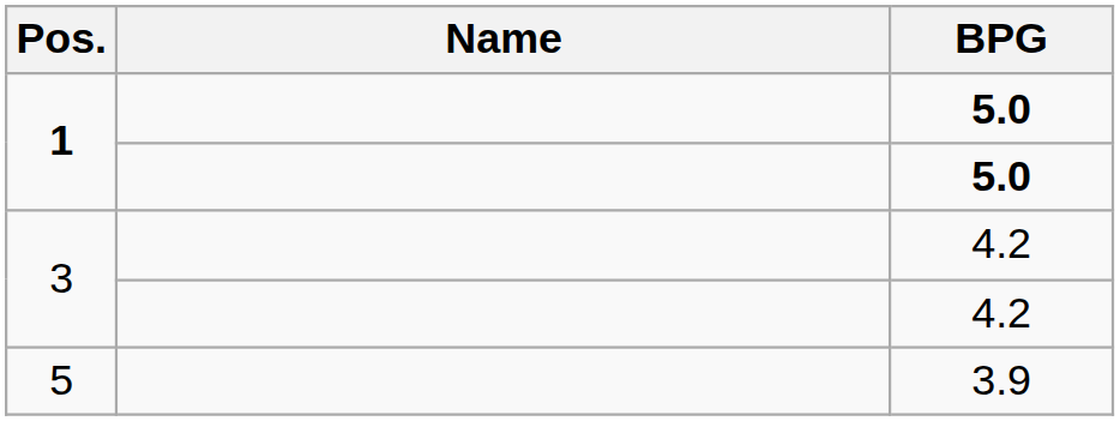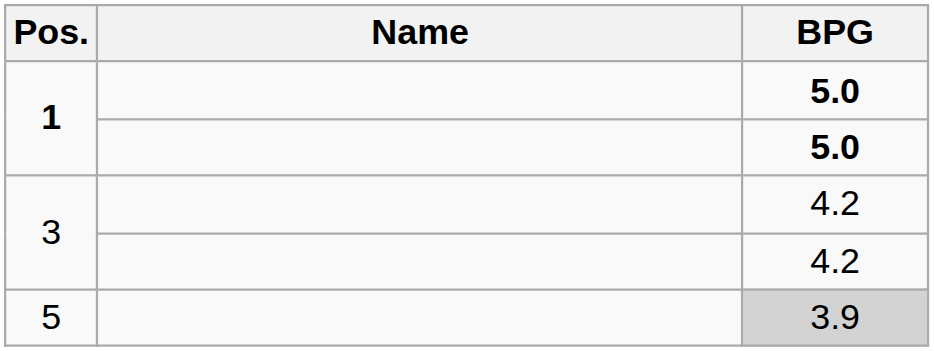 <table class="wikitable">
 <tr>
 <th style="width:10%;">Pos.</th>
 <th>Name</th>
 <th style="width:20%;">BPG</th>
 </tr>
 <tr>
 <td style="text-align:center;" rowspan="2"><strong>1</strong></td>
 <td><strong></strong></td>
 <td align=center><strong>5.0</strong></td>
 </tr>
 <tr>
 <td><strong></strong></td>
 <td align=center><strong>5.0</strong></td>
 </tr>
 <tr>
 <td style="text-align:center;" rowspan="2">3</td>
 <td></td>
 <td align=center>4.2</td>
 </tr>
 <tr>
 <td></td>
 <td align=center>4.2</td>
 </tr>
 <tr>
 <td align=center>5</td>
 <td></td>
-<td align=center>3.9</td>
+<td align=center style="background: lightgrey;">3.9</td>
 </tr>
 </table>
